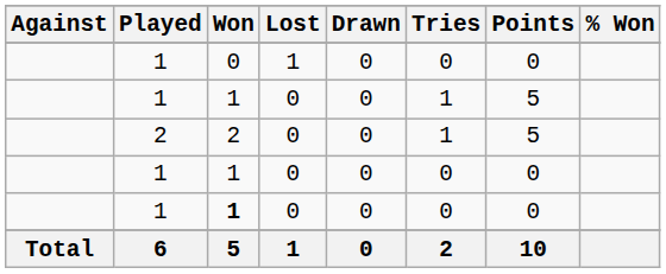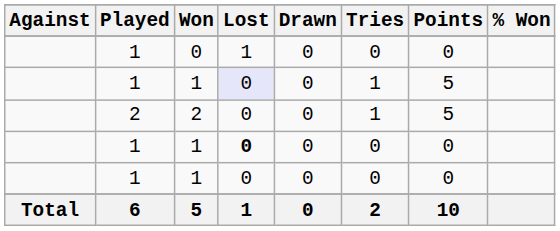 <table class="sortable wikitable" style="text-align: center;">
 <tr>
 </tr>
 <tr>
 <th>Against</th>
 <th>Played</th>
 <th>Won</th>
 <th>Lost</th>
 <th>Drawn</th>
 <th>Tries</th>
 <th>Points</th>
 <th>% Won</th>
 </tr>
 <tr bgcolor="#d0ffd0" align="center">
 </tr>
 <tr>
 <td align="left"></td>
 <td>1</td>
 <td>0</td>
 <td>1</td>
 <td>0</td>
 <td>0</td>
 <td>0</td>
 <td></td>
 </tr>
 <tr>
 <td align="left"></td>
 <td>1</td>
 <td>1</td>
-<td>0</td>
+<td style="background: lavender;">0</td>
 <td>0</td>
 <td>1</td>
 <td>5</td>
 <td></td>
 </tr>
 <tr>
 <td align="left"></td>
 <td>2</td>
 <td>2</td>
 <td>0</td>
 <td>0</td>
 <td>1</td>
 <td>5</td>
 <td></td>
 </tr>
 <tr>
 <td align="left"></td>
 <td>1</td>
 <td>1</td>
-<td>0</td>
+<td><strong>0</strong></td>
 <td>0</td>
 <td>0</td>
 <td>0</td>
 <td></td>
 </tr>
 <tr>
 <td align="left"></td>
 <td>1</td>
-<td><strong>1</strong></td>
+<td>1</td>
 <td>0</td>
 <td>0</td>
 <td>0</td>
 <td>0</td>
 <td></td>
 </tr>
 <tr>
 </tr>
 <tr class="sortbottom">
 <th>Total</th>
 <th>6</th>
 <th>5</th>
 <th>1</th>
 <th>0</th>
 <th>2</th>
 <th>10</th>
 <th></th>
 </tr>
 </table>
